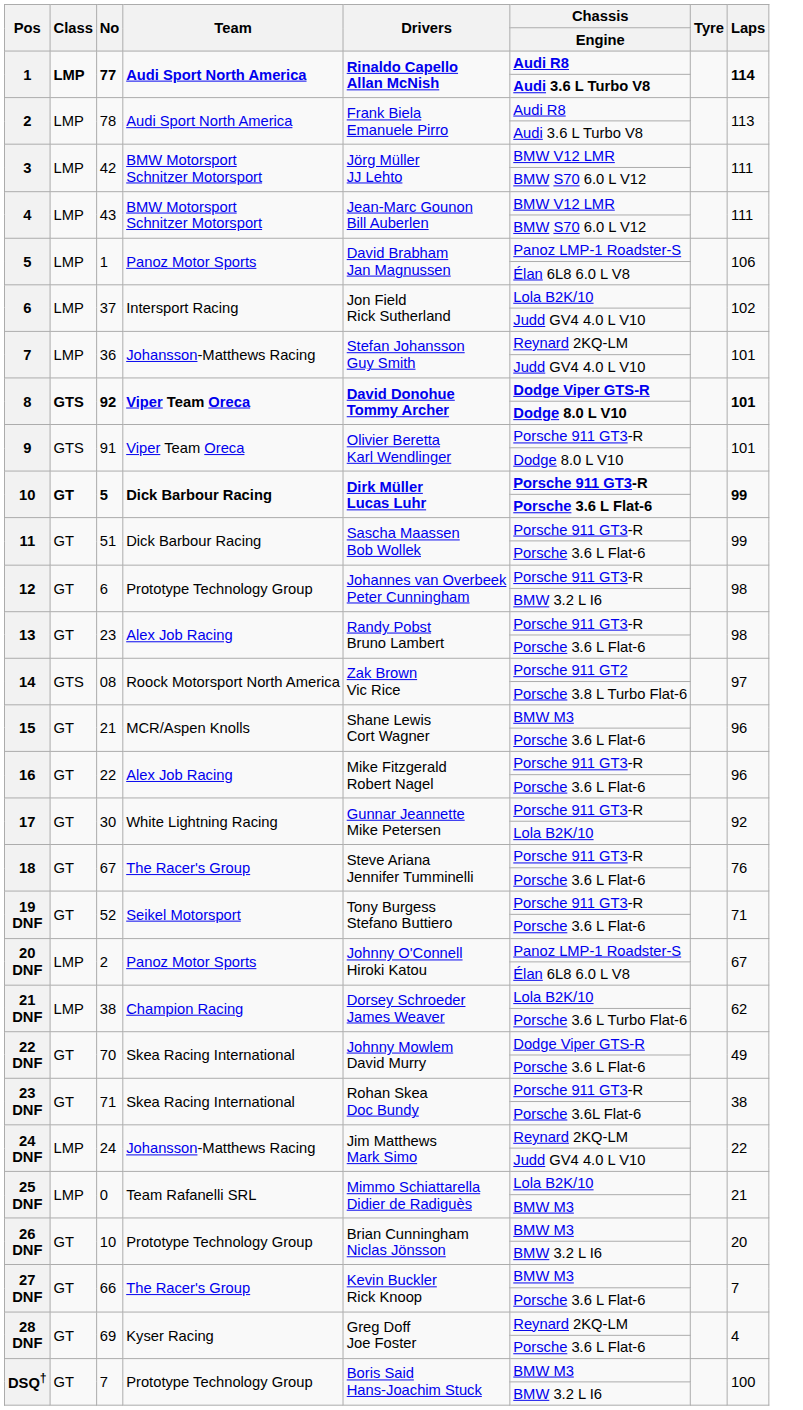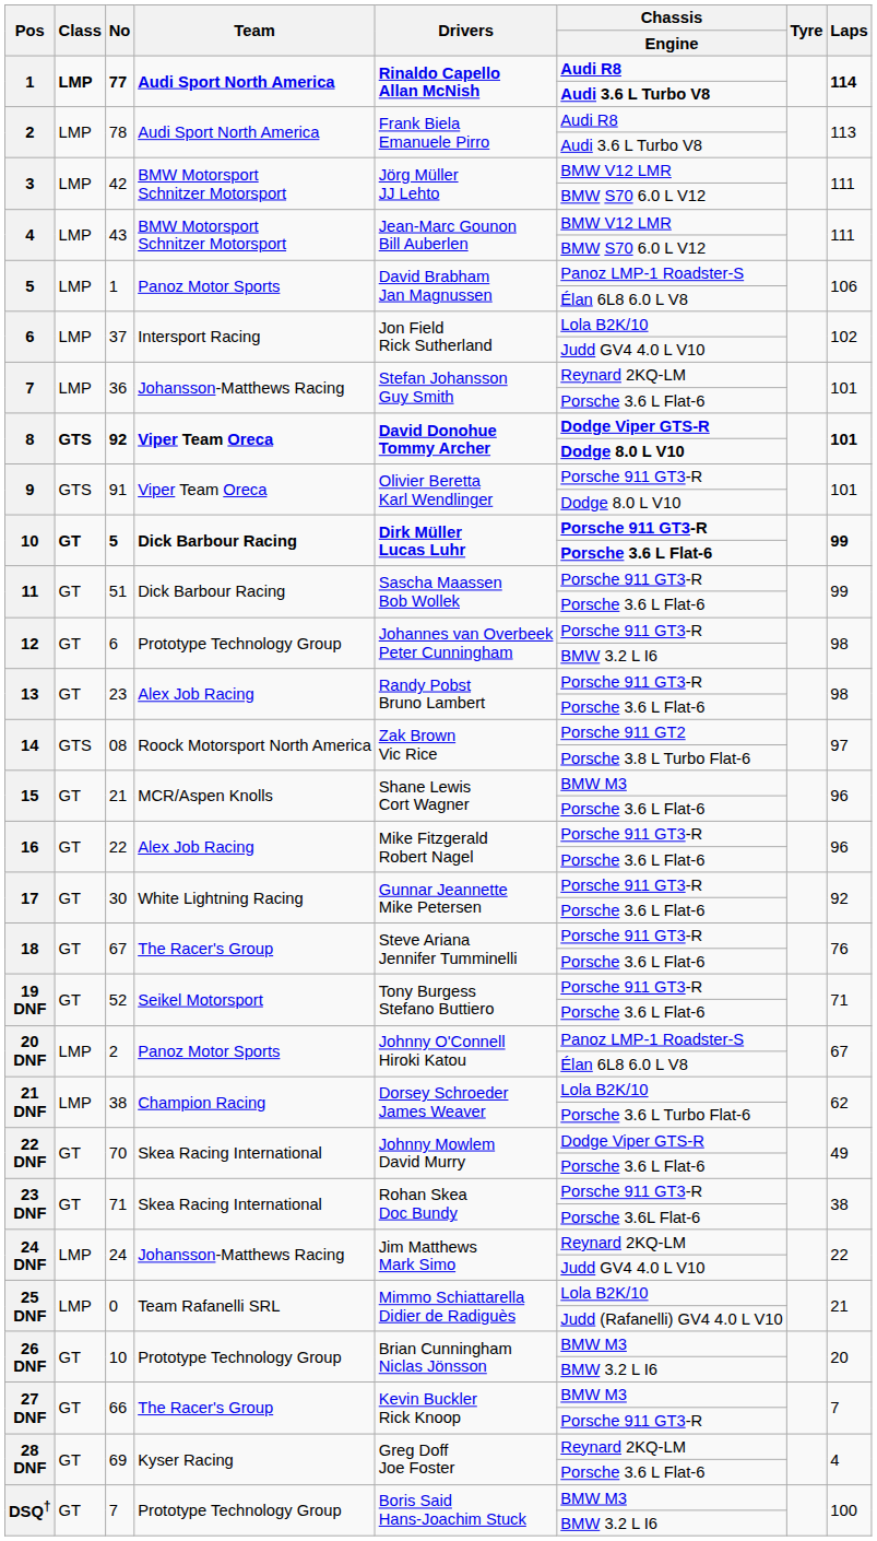 <table class="wikitable" style="font-size: 95%;">
 <tr>
 <th rowspan=2>Pos</th>
 <th rowspan=2>Class</th>
 <th rowspan=2>No</th>
 <th rowspan=2>Team</th>
 <th rowspan=2>Drivers</th>
 <th>Chassis</th>
 <th rowspan=2>Tyre</th>
 <th rowspan=2>Laps</th>
 </tr>
 <tr>
 <th>Engine</th>
 </tr>
 <tr style="font-weight:bold">
 <th rowspan=2>1</th>
 <td rowspan=2>LMP</td>
 <td rowspan=2>77</td>
 <td rowspan=2> <a href='#'>Audi Sport North America</a></td>
 <td rowspan=2> <a href='#'>Rinaldo Capello</a><br> <a href='#'>Allan McNish</a></td>
 <td><a href='#'>Audi R8</a></td>
 <td rowspan=2></td>
 <td rowspan=2>114</td>
 </tr>
 <tr style="font-weight:bold">
 <td><a href='#'>Audi</a> 3.6 L Turbo V8</td>
 </tr>
 <tr>
 <th rowspan=2>2</th>
 <td rowspan=2>LMP</td>
 <td rowspan=2>78</td>
 <td rowspan=2> <a href='#'>Audi Sport North America</a></td>
 <td rowspan=2> <a href='#'>Frank Biela</a><br> <a href='#'>Emanuele Pirro</a></td>
 <td><a href='#'>Audi R8</a></td>
 <td rowspan=2></td>
 <td rowspan=2>113</td>
 </tr>
 <tr>
 <td><a href='#'>Audi</a> 3.6 L Turbo V8</td>
 </tr>
 <tr>
 <th rowspan=2>3</th>
 <td rowspan=2>LMP</td>
 <td rowspan=2>42</td>
 <td rowspan=2> <a href='#'>BMW Motorsport</a><br> <a href='#'>Schnitzer Motorsport</a></td>
 <td rowspan=2> <a href='#'>Jörg Müller</a><br> <a href='#'>JJ Lehto</a></td>
 <td><a href='#'>BMW V12 LMR</a></td>
 <td rowspan=2></td>
 <td rowspan=2>111</td>
 </tr>
 <tr>
 <td><a href='#'>BMW</a> <a href='#'>S70</a> 6.0 L V12</td>
 </tr>
 <tr>
 <th rowspan=2>4</th>
 <td rowspan=2>LMP</td>
 <td rowspan=2>43</td>
 <td rowspan=2> <a href='#'>BMW Motorsport</a><br> <a href='#'>Schnitzer Motorsport</a></td>
 <td rowspan=2> <a href='#'>Jean-Marc Gounon</a><br> <a href='#'>Bill Auberlen</a></td>
 <td><a href='#'>BMW V12 LMR</a></td>
 <td rowspan=2></td>
 <td rowspan=2>111</td>
 </tr>
 <tr>
 <td><a href='#'>BMW</a> <a href='#'>S70</a> 6.0 L V12</td>
 </tr>
 <tr>
 <th rowspan=2>5</th>
 <td rowspan=2>LMP</td>
 <td rowspan=2>1</td>
 <td rowspan=2> <a href='#'>Panoz Motor Sports</a></td>
 <td rowspan=2> <a href='#'>David Brabham</a><br> <a href='#'>Jan Magnussen</a></td>
 <td><a href='#'>Panoz LMP-1 Roadster-S</a></td>
 <td rowspan=2></td>
 <td rowspan=2>106</td>
 </tr>
 <tr>
 <td><a href='#'>Élan</a> 6L8 6.0 L V8</td>
 </tr>
 <tr>
 <th rowspan=2>6</th>
 <td rowspan=2>LMP</td>
 <td rowspan=2>37</td>
 <td rowspan=2> Intersport Racing</td>
 <td rowspan=2> Jon Field<br> Rick Sutherland</td>
 <td><a href='#'>Lola B2K/10</a></td>
 <td rowspan=2></td>
 <td rowspan=2>102</td>
 </tr>
 <tr>
 <td><a href='#'>Judd</a> GV4 4.0 L V10</td>
 </tr>
 <tr>
 <th rowspan=2>7</th>
 <td rowspan=2>LMP</td>
 <td rowspan=2>36</td>
 <td rowspan=2> <a href='#'>Johansson</a>-Matthews Racing</td>
 <td rowspan=2> <a href='#'>Stefan Johansson</a><br> <a href='#'>Guy Smith</a></td>
 <td><a href='#'>Reynard</a> 2KQ-LM</td>
 <td rowspan=2></td>
 <td rowspan=2>101</td>
 </tr>
 <tr>
-<td><a href='#'>Judd</a> GV4 4.0 L V10</td>
+<td><a href='#'>Porsche</a> 3.6 L Flat-6</td>
 </tr>
 <tr style="font-weight:bold">
 <th rowspan=2>8</th>
 <td rowspan=2>GTS</td>
 <td rowspan=2>92</td>
 <td rowspan=2> <a href='#'>Viper</a> Team <a href='#'>Oreca</a></td>
 <td rowspan=2> <a href='#'>David Donohue</a><br> <a href='#'>Tommy Archer</a></td>
 <td><a href='#'>Dodge Viper GTS-R</a></td>
 <td rowspan=2></td>
 <td rowspan=2>101</td>
 </tr>
 <tr style="font-weight:bold">
 <td><a href='#'>Dodge</a> 8.0 L V10</td>
 </tr>
 <tr>
 <th rowspan=2>9</th>
 <td rowspan=2>GTS</td>
 <td rowspan=2>91</td>
 <td rowspan=2> <a href='#'>Viper</a> Team <a href='#'>Oreca</a></td>
 <td rowspan=2> <a href='#'>Olivier Beretta</a><br> <a href='#'>Karl Wendlinger</a></td>
 <td><a href='#'>Porsche 911 GT3</a>-R</td>
 <td rowspan=2></td>
 <td rowspan=2>101</td>
 </tr>
 <tr>
 <td><a href='#'>Dodge</a> 8.0 L V10</td>
 </tr>
 <tr style="font-weight:bold">
 <th rowspan=2>10</th>
 <td rowspan=2>GT</td>
 <td rowspan=2>5</td>
 <td rowspan=2> Dick Barbour Racing</td>
 <td rowspan=2> <a href='#'>Dirk Müller</a><br> <a href='#'>Lucas Luhr</a></td>
 <td><a href='#'>Porsche 911 GT3</a>-R</td>
 <td rowspan=2></td>
 <td rowspan=2>99</td>
 </tr>
 <tr style="font-weight:bold">
 <td><a href='#'>Porsche</a> 3.6 L Flat-6</td>
 </tr>
 <tr>
 <th rowspan=2>11</th>
 <td rowspan=2>GT</td>
 <td rowspan=2>51</td>
 <td rowspan=2> Dick Barbour Racing</td>
 <td rowspan=2> <a href='#'>Sascha Maassen</a><br> <a href='#'>Bob Wollek</a></td>
 <td><a href='#'>Porsche 911 GT3</a>-R</td>
 <td rowspan=2></td>
 <td rowspan=2>99</td>
 </tr>
 <tr>
 <td><a href='#'>Porsche</a> 3.6 L Flat-6</td>
 </tr>
 <tr>
 <th rowspan=2>12</th>
 <td rowspan=2>GT</td>
 <td rowspan=2>6</td>
 <td rowspan=2> Prototype Technology Group</td>
 <td rowspan=2> <a href='#'>Johannes van Overbeek</a><br> <a href='#'>Peter Cunningham</a></td>
 <td><a href='#'>Porsche 911 GT3</a>-R</td>
 <td rowspan=2></td>
 <td rowspan=2>98</td>
 </tr>
 <tr>
 <td><a href='#'>BMW</a> 3.2 L I6</td>
 </tr>
 <tr>
 <th rowspan=2>13</th>
 <td rowspan=2>GT</td>
 <td rowspan=2>23</td>
 <td rowspan=2> <a href='#'>Alex Job Racing</a></td>
 <td rowspan=2> <a href='#'>Randy Pobst</a><br> Bruno Lambert</td>
 <td><a href='#'>Porsche 911 GT3</a>-R</td>
 <td rowspan=2></td>
 <td rowspan=2>98</td>
 </tr>
 <tr>
 <td><a href='#'>Porsche</a> 3.6 L Flat-6</td>
 </tr>
 <tr>
 <th rowspan=2>14</th>
 <td rowspan=2>GTS</td>
 <td rowspan=2>08</td>
 <td rowspan=2> Roock Motorsport North America</td>
 <td rowspan=2> <a href='#'>Zak Brown</a><br> Vic Rice</td>
 <td><a href='#'>Porsche 911 GT2</a></td>
 <td rowspan=2></td>
 <td rowspan=2>97</td>
 </tr>
 <tr>
 <td><a href='#'>Porsche</a> 3.8 L Turbo Flat-6</td>
 </tr>
 <tr>
 <th rowspan=2>15</th>
 <td rowspan=2>GT</td>
 <td rowspan=2>21</td>
 <td rowspan=2> MCR/Aspen Knolls</td>
 <td rowspan=2> Shane Lewis<br> Cort Wagner</td>
 <td><a href='#'>BMW M3</a></td>
 <td rowspan=2></td>
 <td rowspan=2>96</td>
 </tr>
 <tr>
 <td><a href='#'>Porsche</a> 3.6 L Flat-6</td>
 </tr>
 <tr>
 <th rowspan=2>16</th>
 <td rowspan=2>GT</td>
 <td rowspan=2>22</td>
 <td rowspan=2> <a href='#'>Alex Job Racing</a></td>
 <td rowspan=2> Mike Fitzgerald<br> Robert Nagel</td>
 <td><a href='#'>Porsche 911 GT3</a>-R</td>
 <td rowspan=2></td>
 <td rowspan=2>96</td>
 </tr>
 <tr>
 <td><a href='#'>Porsche</a> 3.6 L Flat-6</td>
 </tr>
 <tr>
 <th rowspan=2>17</th>
 <td rowspan=2>GT</td>
 <td rowspan=2>30</td>
 <td rowspan=2> White Lightning Racing</td>
 <td rowspan=2> <a href='#'>Gunnar Jeannette</a><br> Mike Petersen</td>
 <td><a href='#'>Porsche 911 GT3</a>-R</td>
 <td rowspan=2></td>
 <td rowspan=2>92</td>
 </tr>
 <tr>
-<td><a href='#'>Lola B2K/10</a></td>
+<td><a href='#'>Porsche</a> 3.6 L Flat-6</td>
 </tr>
 <tr>
 <th rowspan=2>18</th>
 <td rowspan=2>GT</td>
 <td rowspan=2>67</td>
 <td rowspan=2> <a href='#'>The Racer's Group</a></td>
 <td rowspan=2> Steve Ariana<br> Jennifer Tumminelli</td>
 <td><a href='#'>Porsche 911 GT3</a>-R</td>
 <td rowspan=2></td>
 <td rowspan=2>76</td>
 </tr>
 <tr>
 <td><a href='#'>Porsche</a> 3.6 L Flat-6</td>
 </tr>
 <tr>
 <th rowspan=2>19<br>DNF</th>
 <td rowspan=2>GT</td>
 <td rowspan=2>52</td>
 <td rowspan=2> <a href='#'>Seikel Motorsport</a></td>
 <td rowspan=2> Tony Burgess<br> Stefano Buttiero</td>
 <td><a href='#'>Porsche 911 GT3</a>-R</td>
 <td rowspan=2></td>
 <td rowspan=2>71</td>
 </tr>
 <tr>
 <td><a href='#'>Porsche</a> 3.6 L Flat-6</td>
 </tr>
 <tr>
 <th rowspan=2>20<br>DNF</th>
 <td rowspan=2>LMP</td>
 <td rowspan=2>2</td>
 <td rowspan=2> <a href='#'>Panoz Motor Sports</a></td>
 <td rowspan=2> <a href='#'>Johnny O'Connell</a><br> Hiroki Katou</td>
 <td><a href='#'>Panoz LMP-1 Roadster-S</a></td>
 <td rowspan=2></td>
 <td rowspan=2>67</td>
 </tr>
 <tr>
 <td><a href='#'>Élan</a> 6L8 6.0 L V8</td>
 </tr>
 <tr>
 <th rowspan=2>21<br>DNF</th>
 <td rowspan=2>LMP</td>
 <td rowspan=2>38</td>
 <td rowspan=2> <a href='#'>Champion Racing</a></td>
 <td rowspan=2> <a href='#'>Dorsey Schroeder</a><br> <a href='#'>James Weaver</a></td>
 <td><a href='#'>Lola B2K/10</a></td>
 <td rowspan=2></td>
 <td rowspan=2>62</td>
 </tr>
 <tr>
 <td><a href='#'>Porsche</a> 3.6 L Turbo Flat-6</td>
 </tr>
 <tr>
 <th rowspan=2>22<br>DNF</th>
 <td rowspan=2>GT</td>
 <td rowspan=2>70</td>
 <td rowspan=2> Skea Racing International</td>
 <td rowspan=2> <a href='#'>Johnny Mowlem</a><br> David Murry</td>
 <td><a href='#'>Dodge Viper GTS-R</a></td>
 <td rowspan=2></td>
 <td rowspan=2>49</td>
 </tr>
 <tr>
 <td><a href='#'>Porsche</a> 3.6 L Flat-6</td>
 </tr>
 <tr>
 <th rowspan=2>23<br>DNF</th>
 <td rowspan=2>GT</td>
 <td rowspan=2>71</td>
 <td rowspan=2> Skea Racing International</td>
 <td rowspan=2> Rohan Skea<br> <a href='#'>Doc Bundy</a></td>
 <td><a href='#'>Porsche 911 GT3</a>-R</td>
 <td rowspan=2></td>
 <td rowspan=2>38</td>
 </tr>
 <tr>
 <td><a href='#'>Porsche</a> 3.6L Flat-6</td>
 </tr>
 <tr>
 <th rowspan=2>24<br>DNF</th>
 <td rowspan=2>LMP</td>
 <td rowspan=2>24</td>
 <td rowspan=2> <a href='#'>Johansson</a>-Matthews Racing</td>
 <td rowspan=2> Jim Matthews<br> <a href='#'>Mark Simo</a></td>
 <td><a href='#'>Reynard</a> 2KQ-LM</td>
 <td rowspan=2></td>
 <td rowspan=2>22</td>
 </tr>
 <tr>
 <td><a href='#'>Judd</a> GV4 4.0 L V10</td>
 </tr>
 <tr>
 <th rowspan=2>25<br>DNF</th>
 <td rowspan=2>LMP</td>
 <td rowspan=2>0</td>
 <td rowspan=2> Team Rafanelli SRL</td>
 <td rowspan=2> <a href='#'>Mimmo Schiattarella</a><br> <a href='#'>Didier de Radiguès</a></td>
 <td><a href='#'>Lola B2K/10</a></td>
 <td rowspan=2></td>
 <td rowspan=2>21</td>
 </tr>
 <tr>
-<td><a href='#'>BMW M3</a></td>
+<td><a href='#'>Judd</a> (Rafanelli) GV4 4.0 L V10</td>
 </tr>
 <tr>
 <th rowspan=2>26<br>DNF</th>
 <td rowspan=2>GT</td>
 <td rowspan=2>10</td>
 <td rowspan=2> Prototype Technology Group</td>
 <td rowspan=2> Brian Cunningham<br> <a href='#'>Niclas Jönsson</a></td>
 <td><a href='#'>BMW M3</a></td>
 <td rowspan=2></td>
 <td rowspan=2>20</td>
 </tr>
 <tr>
 <td><a href='#'>BMW</a> 3.2 L I6</td>
 </tr>
 <tr>
 <th rowspan=2>27<br>DNF</th>
 <td rowspan=2>GT</td>
 <td rowspan=2>66</td>
 <td rowspan=2> <a href='#'>The Racer's Group</a></td>
 <td rowspan=2> <a href='#'>Kevin Buckler</a><br> Rick Knoop</td>
 <td><a href='#'>BMW M3</a></td>
 <td rowspan=2></td>
 <td rowspan=2>7</td>
 </tr>
 <tr>
-<td><a href='#'>Porsche</a> 3.6 L Flat-6</td>
+<td><a href='#'>Porsche 911 GT3</a>-R</td>
 </tr>
 <tr>
 <th rowspan=2>28<br>DNF</th>
 <td rowspan=2>GT</td>
 <td rowspan=2>69</td>
 <td rowspan=2> Kyser Racing</td>
 <td rowspan=2> Greg Doff<br> Joe Foster</td>
 <td><a href='#'>Reynard</a> 2KQ-LM</td>
 <td rowspan=2></td>
 <td rowspan=2>4</td>
 </tr>
 <tr>
 <td><a href='#'>Porsche</a> 3.6 L Flat-6</td>
 </tr>
 <tr>
 <th rowspan=2>DSQ<sup>†</sup></th>
 <td rowspan=2>GT</td>
 <td rowspan=2>7</td>
 <td rowspan=2> Prototype Technology Group</td>
 <td rowspan=2> <a href='#'>Boris Said</a><br> <a href='#'>Hans-Joachim Stuck</a></td>
 <td><a href='#'>BMW M3</a></td>
 <td rowspan=2></td>
 <td rowspan=2>100</td>
 </tr>
 <tr>
 <td><a href='#'>BMW</a> 3.2 L I6</td>
 </tr>
 </table>
